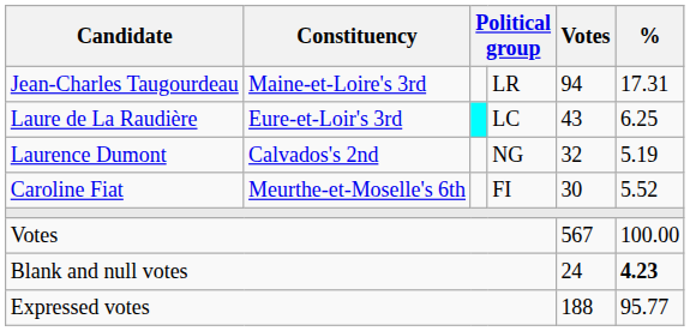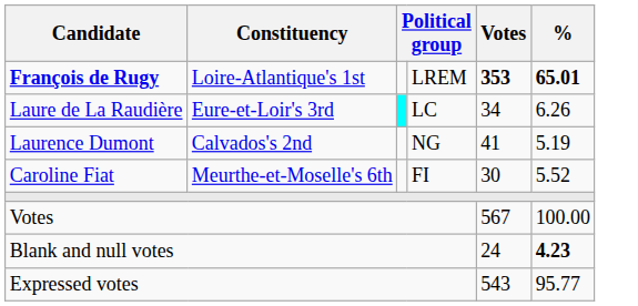 <table class="wikitable" style="font-size:95%;">
 <tr style="background-color:#E9E9E9;text-align:center;">
 <th>Candidate</th>
 <th>Constituency</th>
 <th colspan="2"><a href='#'>Political<br>group</a></th>
 <th>Votes</th>
 <th>%</th>
 </tr>
 <tr>
-<td style="text-align:left;"><a href='#'>Jean-Charles Taugourdeau</a></td>
-<td style="text-align:left;"><a href='#'>Maine-et-Loire's 3rd</a></td>
+<td style="text-align:left;"><strong><a href='#'>François de Rugy</a></strong></td>
+<td style="text-align:left;"><a href='#'>Loire-Atlantique's 1st</a></td>
 <td style="background-color:"></td>
-<td>LR</td>
-<td>94</td>
-<td>17.31</td>
+<td>LREM</td>
+<td><strong>353</strong></td>
+<td><strong>65.01</strong></td>
 </tr>
 <tr>
 <td style="text-align:left;"><a href='#'>Laure de La Raudière</a></td>
 <td style="text-align:left;"><a href='#'>Eure-et-Loir's 3rd</a></td>
 <td style="background-color:#00FFFF;"></td>
 <td>LC</td>
-<td>43</td>
-<td>6.25</td>
+<td>34</td>
+<td>6.26</td>
 </tr>
 <tr>
 <td style="text-align:left;"><a href='#'>Laurence Dumont</a></td>
 <td style="text-align:left;"><a href='#'>Calvados's 2nd</a></td>
 <td style="background-color:"></td>
 <td>NG</td>
-<td>32</td>
+<td>41</td>
 <td>5.19</td>
 </tr>
 <tr>
 <td style="text-align:left;"><a href='#'>Caroline Fiat</a></td>
 <td style="text-align:left;"><a href='#'>Meurthe-et-Moselle's 6th</a></td>
 <td style="background-color:"></td>
 <td>FI</td>
 <td>30</td>
 <td>5.52</td>
 </tr>
 <tr>
 <td style="background-color:#E9E9E9;" colspan="6"></td>
 </tr>
 <tr>
 <td style="text-align:left;" colspan="4">Votes</td>
 <td>567</td>
 <td>100.00</td>
 </tr>
 <tr>
 <td style="text-align:left;" colspan="4">Blank and null votes</td>
 <td>24</td>
 <td><strong>4.23</strong></td>
 </tr>
 <tr>
 <td style="text-align:left;" colspan="4">Expressed votes</td>
-<td>188</td>
+<td>543</td>
 <td>95.77</td>
 </tr>
 </table>
